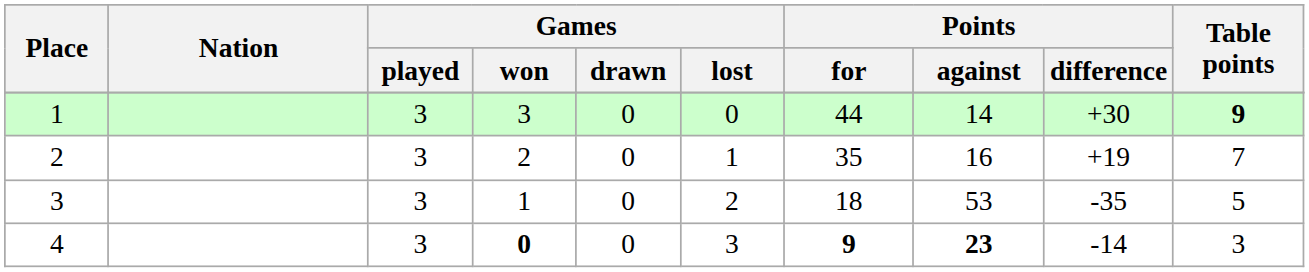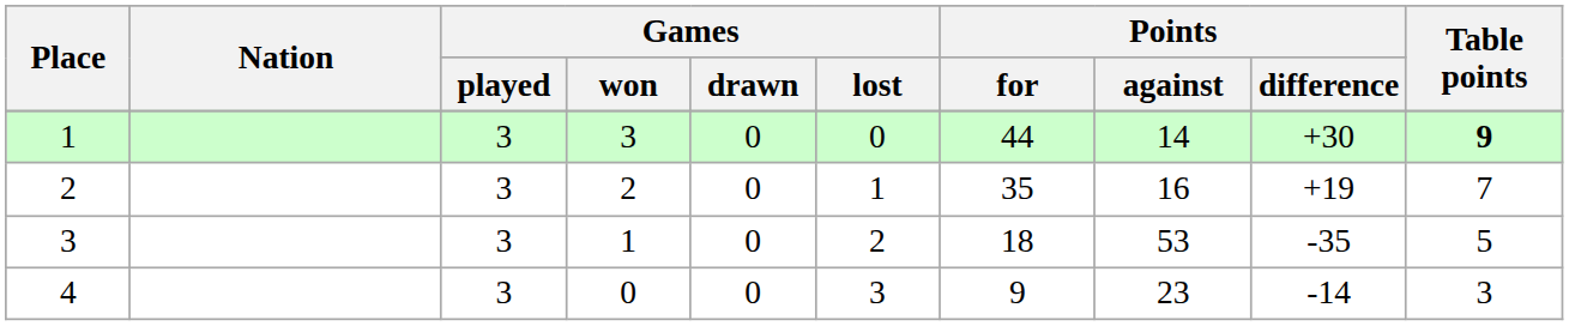 <table class="wikitable">
 <tr>
 <th rowspan=2 width="8%">Place</th>
 <th rowspan=2 width="20%">Nation</th>
 <th colspan=4 width="32%">Games</th>
 <th colspan=3 width="30%">Points</th>
 <th rowspan=2 width="10%">Table<br>points</th>
 </tr>
 <tr>
 <th width="8%">played</th>
 <th width="8%">won</th>
 <th width="8%">drawn</th>
 <th width="8%">lost</th>
 <th width="10%">for</th>
 <th width="10%">against</th>
 <th width="10%">difference</th>
 </tr>
 <tr>
 </tr>
 <tr bgcolor=#ccffcc align=center>
 <td>1</td>
 <td align=left><strong></strong></td>
 <td>3</td>
 <td>3</td>
 <td>0</td>
 <td>0</td>
 <td>44</td>
 <td>14</td>
 <td>+30</td>
 <td><strong>9</strong></td>
 </tr>
 <tr bgcolor=#ffffff align=center>
 <td>2</td>
 <td align=left></td>
 <td>3</td>
 <td>2</td>
 <td>0</td>
 <td>1</td>
 <td>35</td>
 <td>16</td>
 <td>+19</td>
 <td>7</td>
 </tr>
 <tr bgcolor=#ffffff align=center>
 <td>3</td>
 <td align=left></td>
 <td>3</td>
 <td>1</td>
 <td>0</td>
 <td>2</td>
 <td>18</td>
 <td>53</td>
 <td>-35</td>
 <td>5</td>
 </tr>
 <tr bgcolor=#ffffff align=center>
 <td>4</td>
 <td align=left></td>
 <td>3</td>
-<td><strong>0</strong></td>
+<td>0</td>
 <td>0</td>
 <td>3</td>
-<td><strong>9</strong></td>
-<td><strong>23</strong></td>
+<td>9</td>
+<td>23</td>
 <td>-14</td>
 <td>3</td>
 </tr>
 </table>
